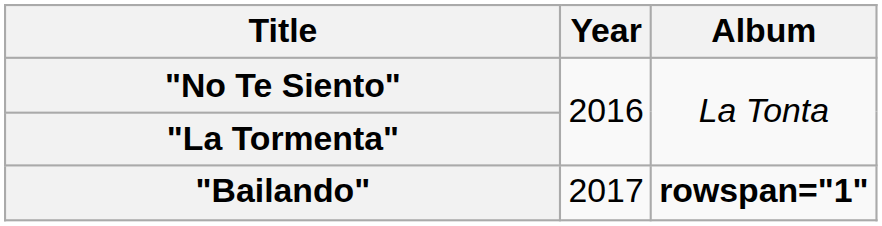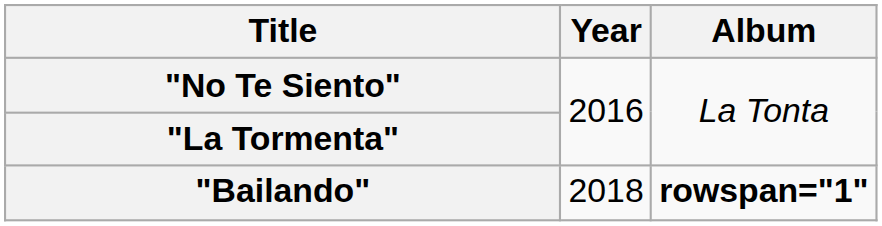 <table class="wikitable plainrowheaders" style="text-align:center;">
 <tr>
 <th scope="col" style="width:16em;">Title</th>
 <th scope="col">Year</th>
 <th scope="col">Album</th>
 </tr>
 <tr>
 <th scope="row">"No Te Siento"</th>
 <td rowspan="2">2016</td>
 <td rowspan="2"><em>La Tonta</em></td>
 </tr>
 <tr>
 <th scope="row">"La Tormenta"</th>
 </tr>
 <tr>
 <th scope="row">"Bailando"</th>
-<td rowspan="1">2017</td>
+<td rowspan="1">2018</td>
 <td><strong>rowspan="1" </strong></td>
 </tr>
 </table>
